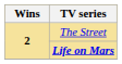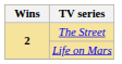 <table class="wikitable" rowspan=2 style="text-align: center; background: #f6e39c">
 <tr>
 <th scope="col" style="width:55px;">Wins</th>
 <th scope="col" style="text-align:center;">TV series</th>
 </tr>
 <tr>
 <td rowspan="2"><strong>2</strong></td>
 <td><em><a href='#'>The Street</a></em></td>
 </tr>
 <tr>
-<td><strong><em><a href='#'>Life on Mars</a></em></strong></td>
+<td><em><a href='#'>Life on Mars</a></em></td>
 </tr>
 <tr>
 </tr>
 </table>
